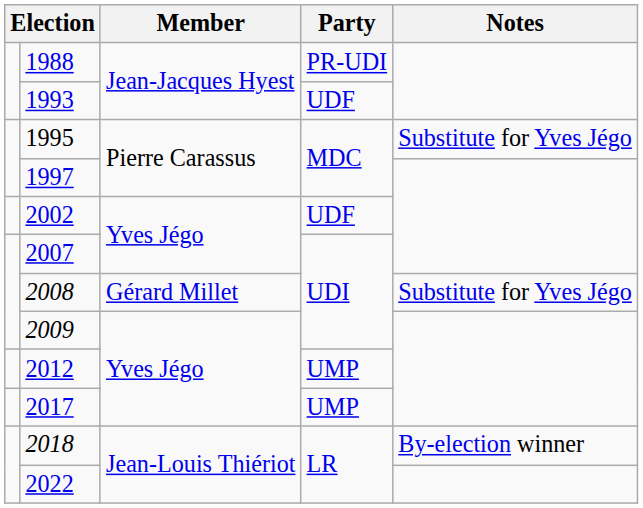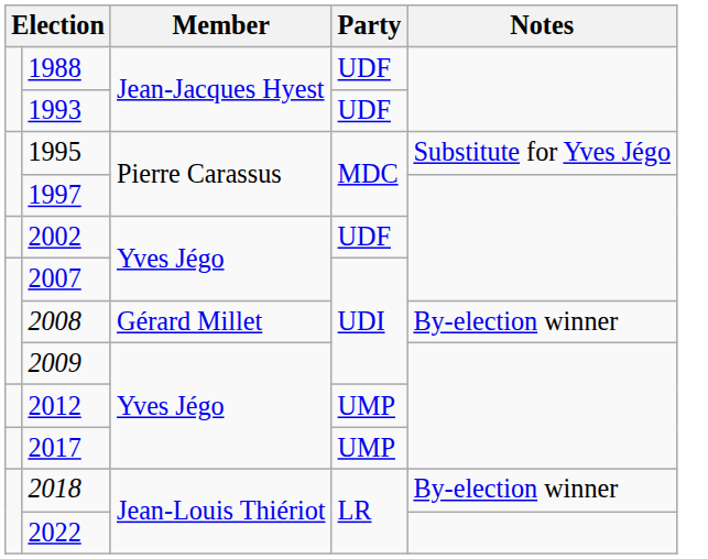 <table class="wikitable">
 <tr>
 <th colspan="2">Election</th>
 <th>Member</th>
 <th>Party</th>
 <th>Notes</th>
 </tr>
 <tr>
 <td rowspan=2 style="color:inherit;background-color: "></td>
 <td><a href='#'>1988</a></td>
 <td rowspan=2><a href='#'>Jean-Jacques Hyest</a></td>
-<td><a href='#'>PR-UDI</a></td>
+<td><a href='#'>UDF</a></td>
 </tr>
 <tr>
 <td><a href='#'>1993</a></td>
 <td><a href='#'>UDF</a></td>
 </tr>
 <tr>
 <td rowspan=2 style="color:inherit;background-color: "></td>
 <td>1995</td>
 <td rowspan=2>Pierre Carassus</td>
 <td rowspan=2><a href='#'>MDC</a></td>
 <td><a href='#'>Substitute</a> for <a href='#'>Yves Jégo</a></td>
 </tr>
 <tr>
 <td><a href='#'>1997</a></td>
 </tr>
 <tr>
 <td style="color:inherit;background-color: "></td>
 <td><a href='#'>2002</a></td>
 <td rowspan="2"><a href='#'>Yves Jégo</a></td>
 <td><a href='#'>UDF</a></td>
 </tr>
 <tr>
 <td rowspan="3" style="color:inherit;background-color: "></td>
 <td><a href='#'>2007</a></td>
 <td rowspan="3"><a href='#'>UDI</a></td>
 </tr>
 <tr>
 <td><em>2008</em></td>
 <td><a href='#'>Gérard Millet</a></td>
-<td><a href='#'>Substitute</a> for <a href='#'>Yves Jégo</a></td>
+<td><a href='#'>By-election</a> winner</td>
 </tr>
 <tr>
 <td><em>2009</em></td>
 <td rowspan="3"><a href='#'>Yves Jégo</a></td>
 </tr>
 <tr>
 <td style="color:inherit;background-color: "></td>
 <td><a href='#'>2012</a></td>
 <td><a href='#'>UMP</a></td>
 </tr>
 <tr>
 <td style="color:inherit;background-color: "></td>
 <td><a href='#'>2017</a></td>
 <td><a href='#'>UMP</a></td>
 </tr>
 <tr>
 <td rowspan="2" style="color:inherit;background-color: "></td>
 <td><em>2018</em></td>
 <td rowspan="2"><a href='#'>Jean-Louis Thiériot</a></td>
 <td rowspan="2"><a href='#'>LR</a></td>
 <td><a href='#'>By-election</a> winner</td>
 </tr>
 <tr>
 <td><a href='#'>2022</a></td>
 <td></td>
 </tr>
 </table>
